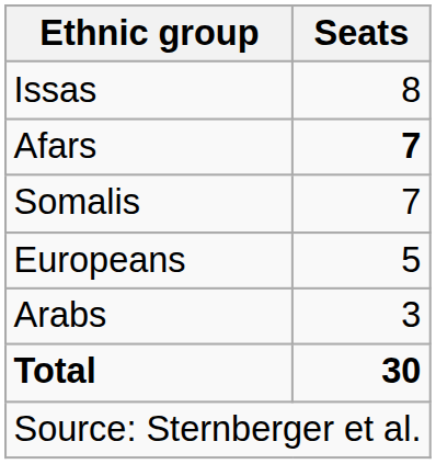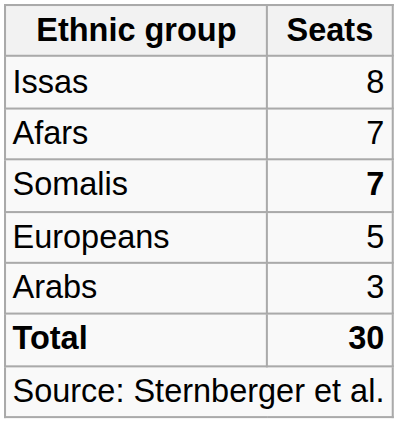 <table class=wikitable style=text-align:right>
 <tr>
 <th>Ethnic group</th>
 <th>Seats</th>
 </tr>
 <tr>
 <td align=left>Issas</td>
 <td>8</td>
 </tr>
 <tr>
 <td align=left>Afars</td>
-<td><strong>7</strong></td>
+<td>7</td>
 </tr>
 <tr>
 <td align=left>Somalis</td>
-<td>7</td>
+<td><strong>7</strong></td>
 </tr>
 <tr>
 <td align=left>Europeans</td>
 <td>5</td>
 </tr>
 <tr>
 <td align=left>Arabs</td>
 <td>3</td>
 </tr>
 <tr>
 <td align=left><strong>Total</strong></td>
 <td><strong>30</strong></td>
 </tr>
 <tr>
 <td align=left colspan=2>Source: Sternberger et al.</td>
 </tr>
 </table>
